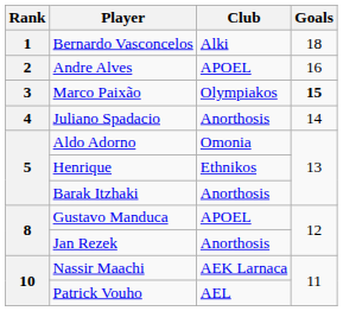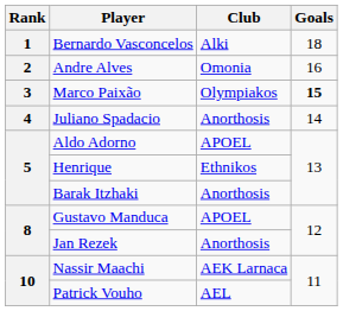 <table class="wikitable" style="text-align:center">
 <tr>
 <th>Rank</th>
 <th>Player</th>
 <th>Club</th>
 <th>Goals</th>
 </tr>
 <tr>
 <th>1</th>
 <td align="left"> <a href='#'>Bernardo Vasconcelos</a></td>
 <td align="left"><a href='#'>Alki</a></td>
 <td>18</td>
 </tr>
 <tr>
 <th>2</th>
 <td align="left"> <a href='#'>Andre Alves</a></td>
-<td align="left"><a href='#'>APOEL</a></td>
+<td align="left"><a href='#'>Omonia</a></td>
 <td>16</td>
 </tr>
 <tr>
 <th>3</th>
 <td align="left"> <a href='#'>Marco Paixão</a></td>
 <td align="left"><a href='#'>Olympiakos</a></td>
 <td><strong>15</strong></td>
 </tr>
 <tr>
 <th>4</th>
 <td align="left"> <a href='#'>Juliano Spadacio</a></td>
 <td align="left"><a href='#'>Anorthosis</a></td>
 <td>14</td>
 </tr>
 <tr>
 <th rowspan="3">5</th>
 <td align="left"> <a href='#'>Aldo Adorno</a></td>
-<td align="left"><a href='#'>Omonia</a></td>
+<td align="left"><a href='#'>APOEL</a></td>
 <td rowspan="3">13</td>
 </tr>
 <tr>
 <td align="left"> <a href='#'>Henrique</a></td>
 <td align="left"><a href='#'>Ethnikos</a></td>
 </tr>
 <tr>
 <td align="left"> <a href='#'>Barak Itzhaki</a></td>
 <td align="left"><a href='#'>Anorthosis</a></td>
 </tr>
 <tr>
 <th rowspan="2">8</th>
 <td align="left"> <a href='#'>Gustavo Manduca</a></td>
 <td align="left"><a href='#'>APOEL</a></td>
 <td rowspan="2">12</td>
 </tr>
 <tr>
 <td align="left"> <a href='#'>Jan Rezek</a></td>
 <td align="left"><a href='#'>Anorthosis</a></td>
 </tr>
 <tr>
 <th rowspan="2">10</th>
 <td align="left"> <a href='#'>Nassir Maachi</a></td>
 <td align="left"><a href='#'>AEK Larnaca</a></td>
 <td rowspan="2">11</td>
 </tr>
 <tr>
 <td align="left"> <a href='#'>Patrick Vouho</a></td>
 <td align="left"><a href='#'>AEL</a></td>
 </tr>
 </table>
